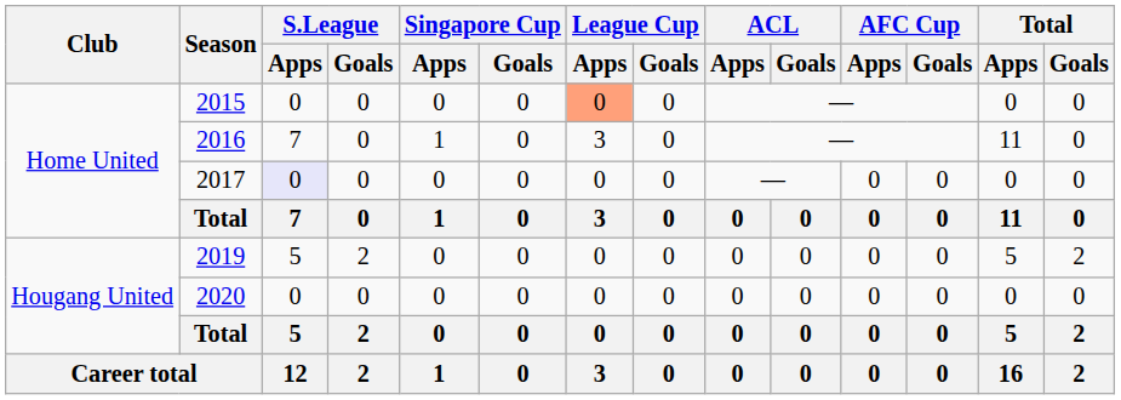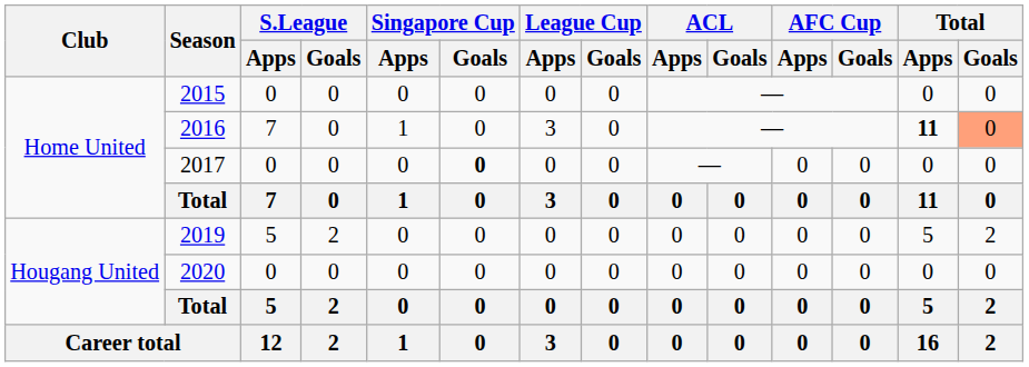 <table class="wikitable" style="text-align:center">
 <tr>
 <th rowspan="2">Club</th>
 <th rowspan="2">Season</th>
 <th colspan="2"><a href='#'>S.League</a></th>
 <th colspan="2"><a href='#'>Singapore Cup</a></th>
 <th colspan="2"><a href='#'>League Cup</a></th>
 <th colspan="2"><a href='#'>ACL</a></th>
 <th colspan="2"><a href='#'>AFC Cup</a></th>
 <th colspan="2">Total</th>
 </tr>
 <tr>
 <th>Apps</th>
 <th>Goals</th>
 <th>Apps</th>
 <th>Goals</th>
 <th>Apps</th>
 <th>Goals</th>
 <th>Apps</th>
 <th>Goals</th>
 <th>Apps</th>
 <th>Goals</th>
 <th>Apps</th>
 <th>Goals</th>
 </tr>
 <tr>
 <td rowspan="4"><a href='#'>Home United</a></td>
 <td><a href='#'>2015</a></td>
 <td>0</td>
 <td>0</td>
 <td>0</td>
 <td>0</td>
-<td style="background: lightsalmon;">0</td>
+<td>0</td>
 <td>0</td>
 <td colspan="4">—</td>
 <td>0</td>
 <td>0</td>
 </tr>
 <tr>
 <td><a href='#'>2016</a></td>
 <td>7</td>
 <td>0</td>
 <td>1</td>
 <td>0</td>
 <td>3</td>
 <td>0</td>
 <td colspan="4">—</td>
-<td>11</td>
-<td>0</td>
+<td><strong>11</strong></td>
+<td style="background: lightsalmon;">0</td>
 </tr>
 <tr>
 <td>2017</td>
-<td style="background: lavender;">0</td>
 <td>0</td>
 <td>0</td>
 <td>0</td>
+<td><strong>0</strong></td>
 <td>0</td>
 <td>0</td>
 <td colspan="2">—</td>
 <td>0</td>
 <td>0</td>
 <td>0</td>
 <td>0</td>
 </tr>
 <tr>
 <th>Total</th>
 <th>7</th>
 <th>0</th>
 <th>1</th>
 <th>0</th>
 <th>3</th>
 <th>0</th>
 <th>0</th>
 <th>0</th>
 <th>0</th>
 <th>0</th>
 <th>11</th>
 <th>0</th>
 </tr>
 <tr>
 <td rowspan="3"><a href='#'>Hougang United</a></td>
 <td><a href='#'>2019</a></td>
 <td>5</td>
 <td>2</td>
 <td>0</td>
 <td>0</td>
 <td>0</td>
 <td>0</td>
 <td>0</td>
 <td>0</td>
 <td>0</td>
 <td>0</td>
 <td>5</td>
 <td>2</td>
 </tr>
 <tr>
 <td><a href='#'>2020</a></td>
 <td>0</td>
 <td>0</td>
 <td>0</td>
 <td>0</td>
 <td>0</td>
 <td>0</td>
 <td>0</td>
 <td>0</td>
 <td>0</td>
 <td>0</td>
 <td>0</td>
 <td>0</td>
 </tr>
 <tr>
 <th>Total</th>
 <th>5</th>
 <th>2</th>
 <th>0</th>
 <th>0</th>
 <th>0</th>
 <th>0</th>
 <th>0</th>
 <th>0</th>
 <th>0</th>
 <th>0</th>
 <th>5</th>
 <th>2</th>
 </tr>
 <tr>
 <th colspan="2">Career total</th>
 <th>12</th>
 <th>2</th>
 <th>1</th>
 <th>0</th>
 <th>3</th>
 <th>0</th>
 <th>0</th>
 <th>0</th>
 <th>0</th>
 <th>0</th>
 <th>16</th>
 <th>2</th>
 </tr>
 </table>
